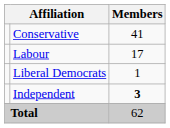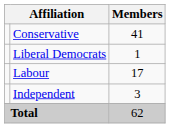 <table class="wikitable">
 <tr>
 <th colspan="2">Affiliation</th>
 <th>Members</th>
 </tr>
 <tr>
 <td style="color:inherit;background:"></td>
 <td><a href='#'>Conservative</a></td>
 <td style="text-align:center;">41</td>
 </tr>
 <tr>
 <td style="color:inherit;background:"></td>
+<td><a href='#'>Liberal Democrats</a></td>
+<td style="text-align:center;">1</td>
+</tr>
+<tr>
+<td style="color:inherit;background:"></td>
 <td><a href='#'>Labour</a></td>
 <td style="text-align:center;">17</td>
 </tr>
 <tr>
 <td style="color:inherit;background:"></td>
-<td><a href='#'>Liberal Democrats</a></td>
-<td style="text-align:center;">1</td>
-</tr>
-<tr>
-<td style="color:inherit;background:"></td>
 <td><a href='#'>Independent</a></td>
-<td style="text-align:center;"><strong>3</strong></td>
+<td style="text-align:center;">3</td>
 </tr>
 <tr style="background:#ccc;">
 <td colspan="2"> <strong>Total</strong></td>
 <td style="text-align:center;">62</td>
 </tr>
 </table>
